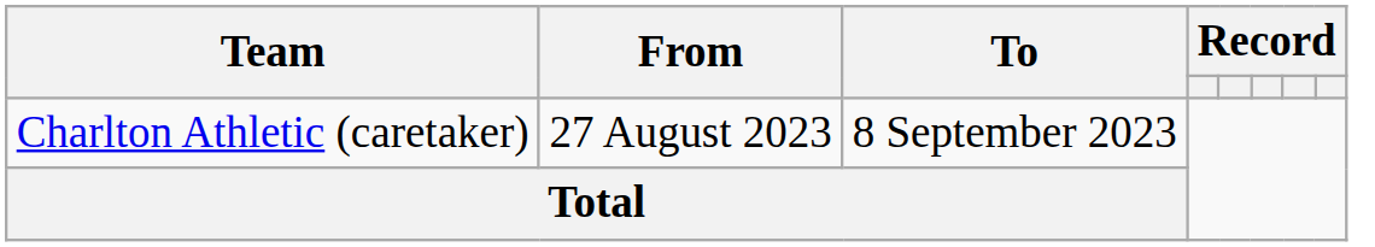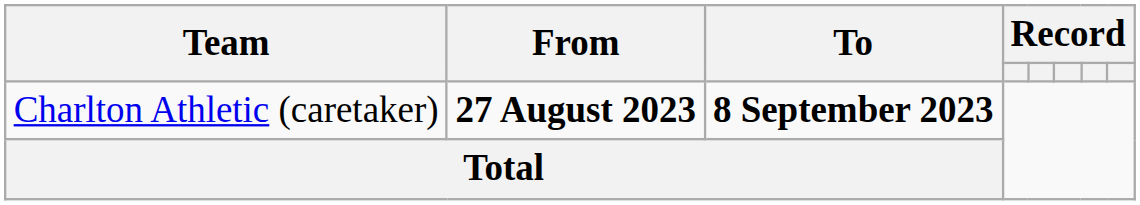 <table class=wikitable style=text-align:center>
 <tr>
 <th rowspan=2>Team</th>
 <th rowspan=2>From</th>
 <th rowspan=2>To</th>
 <th colspan=5>Record</th>
 </tr>
 <tr>
 <th></th>
 <th></th>
 <th></th>
 <th></th>
 <th></th>
 </tr>
 <tr>
 <td align=left><a href='#'>Charlton Athletic</a> (caretaker)</td>
-<td align=left>27 August 2023</td>
-<td align=left>8 September 2023<br></td>
+<td align=left><strong>27 August 2023</strong></td>
+<td align=left><strong>8 September 2023<br></strong></td>
 </tr>
 <tr>
 <th colspan=3>Total<br></th>
 </tr>
 </table>
